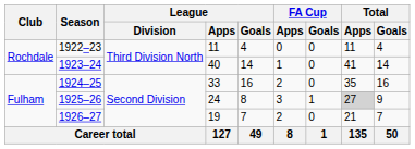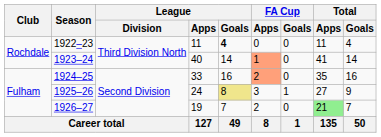 <table class="wikitable">
 <tr>
 <th rowspan="2">Club</th>
 <th rowspan="2">Season</th>
 <th colspan="3">League</th>
 <th colspan="2"><a href='#'>FA Cup</a></th>
 <th colspan="2">Total</th>
 </tr>
 <tr>
 <th>Division</th>
 <th>Apps</th>
 <th>Goals</th>
 <th>Apps</th>
 <th>Goals</th>
 <th>Apps</th>
 <th>Goals</th>
 </tr>
 <tr>
 <td rowspan="2"><a href='#'>Rochdale</a></td>
 <td>1922<a href='#'>–</a>23</td>
 <td rowspan="2"><a href='#'>Third Division North</a></td>
 <td>11</td>
-<td>4</td>
+<td><strong>4</strong></td>
 <td>0</td>
 <td>0</td>
 <td>11</td>
 <td>4</td>
 </tr>
 <tr>
 <td><a href='#'>1923–24</a></td>
 <td>40</td>
 <td>14</td>
-<td>1</td>
+<td style="background: lightsalmon;">1</td>
 <td>0</td>
 <td>41</td>
 <td>14</td>
 </tr>
 <tr>
 <td rowspan="3"><a href='#'>Fulham</a></td>
 <td><a href='#'>1924–25</a></td>
 <td rowspan="3"><a href='#'>Second Division</a></td>
 <td>33</td>
 <td>16</td>
-<td>2</td>
+<td style="background: lightsalmon;">2</td>
 <td>0</td>
 <td>35</td>
 <td>16</td>
 </tr>
 <tr>
 <td><a href='#'>1925–26</a></td>
 <td>24</td>
-<td>8</td>
+<td style="background: khaki;">8</td>
 <td>3</td>
 <td>1</td>
-<td style="background: lightgrey;">27</td>
+<td>27</td>
 <td>9</td>
 </tr>
 <tr>
 <td><a href='#'>1926–27</a></td>
 <td>19</td>
 <td>7</td>
 <td>2</td>
 <td>0</td>
-<td>21</td>
+<td style="background: lightgreen;">21</td>
 <td>7</td>
 </tr>
 <tr>
 <th colspan="3">Career total</th>
 <th>127</th>
 <th>49</th>
 <th>8</th>
 <th>1</th>
 <th>135</th>
 <th>50</th>
 </tr>
 </table>
